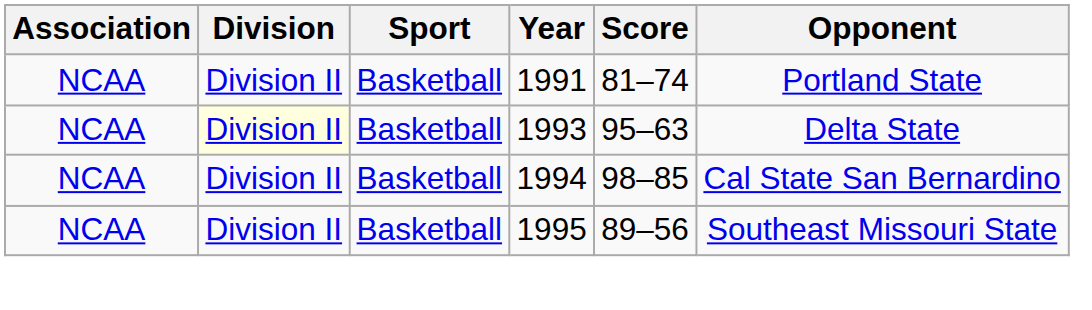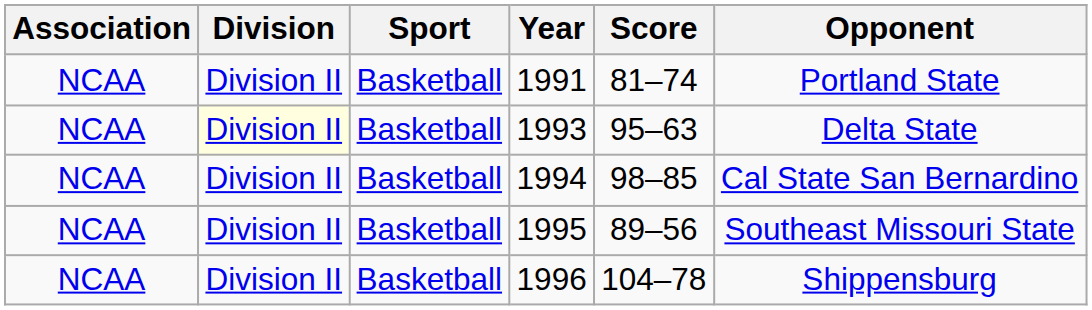 <table class="wikitable" style="text-align:center">
 <tr>
 <th>Association</th>
 <th>Division</th>
 <th>Sport</th>
 <th>Year</th>
 <th>Score</th>
 <th>Opponent</th>
 </tr>
 <tr align="center">
 <td rowspan="1"><a href='#'>NCAA</a></td>
 <td rowspan="1"><a href='#'>Division II</a></td>
 <td rowspan="1"><a href='#'>Basketball</a></td>
 <td>1991</td>
 <td>81–74</td>
 <td><a href='#'>Portland State</a></td>
 </tr>
 <tr align="center">
 <td rowspan="1"><a href='#'>NCAA</a></td>
 <td rowspan="1" style="background: lightyellow;"><a href='#'>Division II</a></td>
 <td rowspan="1"><a href='#'>Basketball</a></td>
 <td>1993</td>
 <td>95–63</td>
 <td><a href='#'>Delta State</a></td>
 </tr>
 <tr align="center">
 <td rowspan="1"><a href='#'>NCAA</a></td>
 <td rowspan="1"><a href='#'>Division II</a></td>
 <td rowspan="1"><a href='#'>Basketball</a></td>
 <td>1994</td>
 <td>98–85</td>
 <td><a href='#'>Cal State San Bernardino</a></td>
 </tr>
 <tr align="center">
 <td rowspan="1"><a href='#'>NCAA</a></td>
 <td rowspan="1"><a href='#'>Division II</a></td>
 <td rowspan="1"><a href='#'>Basketball</a></td>
 <td>1995</td>
 <td>89–56</td>
 <td><a href='#'>Southeast Missouri State</a></td>
 </tr>
+<tr align="center">
+<td rowspan="1"><a href='#'>NCAA</a></td>
+<td rowspan="1"><a href='#'>Division II</a></td>
+<td rowspan="1"><a href='#'>Basketball</a></td>
+<td>1996</td>
+<td>104–78</td>
+<td><a href='#'>Shippensburg</a></td>
+</tr>
 </table>
